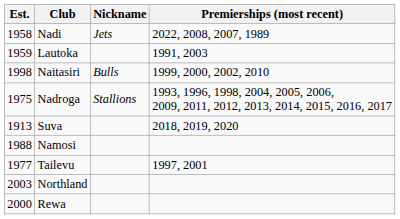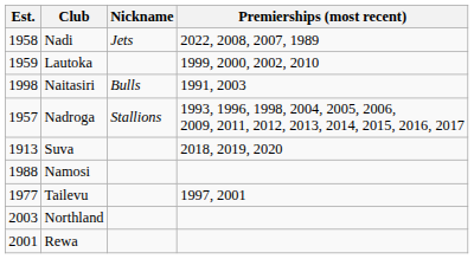 <table class="wikitable sortable">
 <tr>
 <th>Est.</th>
 <th>Club</th>
 <th>Nickname</th>
 <th>Premierships (most recent)</th>
 </tr>
 <tr>
 <td>1958</td>
 <td>Nadi</td>
 <td><em>Jets</em></td>
 <td>2022, 2008, 2007, 1989</td>
 </tr>
 <tr>
 <td>1959</td>
 <td>Lautoka</td>
 <td></td>
-<td>1991, 2003</td>
+<td>1999, 2000, 2002, 2010</td>
 </tr>
 <tr>
 <td>1998</td>
 <td>Naitasiri</td>
 <td><em>Bulls</em></td>
-<td>1999, 2000, 2002, 2010</td>
+<td>1991, 2003</td>
 </tr>
 <tr>
-<td>1975</td>
+<td>1957</td>
 <td>Nadroga</td>
 <td><em>Stallions</em></td>
 <td>1993, 1996, 1998, 2004, 2005, 2006,<br>2009, 2011, 2012, 2013, 2014, 2015, 2016, 2017</td>
 </tr>
 <tr>
 <td>1913</td>
 <td>Suva</td>
 <td></td>
 <td>2018, 2019, 2020</td>
 </tr>
 <tr>
 <td>1988</td>
 <td>Namosi</td>
 <td></td>
 <td></td>
 </tr>
 <tr>
 <td>1977</td>
 <td>Tailevu</td>
 <td></td>
 <td>1997, 2001</td>
 </tr>
 <tr>
 <td>2003</td>
 <td>Northland</td>
 <td></td>
 <td></td>
 </tr>
 <tr>
-<td>2000</td>
+<td>2001</td>
 <td>Rewa</td>
 <td></td>
 </tr>
 </table>
